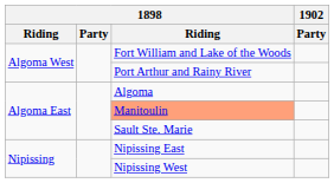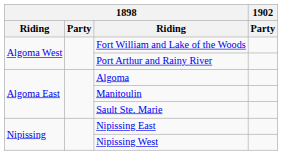 <table class="wikitable">
 <tr>
 <th colspan="3">1898</th>
 <th colspan="3">1902</th>
 </tr>
 <tr>
 <th>Riding</th>
 <th>Party</th>
 <th>Riding</th>
 <th>Party</th>
 </tr>
 <tr>
 <td rowspan="2"><a href='#'>Algoma West</a></td>
 <td rowspan="2"></td>
 <td><a href='#'>Fort William and Lake of the Woods</a></td>
 <td></td>
 </tr>
 <tr>
 <td><a href='#'>Port Arthur and Rainy River</a></td>
 <td></td>
 </tr>
 <tr>
 <td rowspan="3"><a href='#'>Algoma East</a></td>
 <td rowspan="3"></td>
 <td><a href='#'>Algoma</a></td>
 <td></td>
 </tr>
 <tr>
-<td style="background: lightsalmon;"><a href='#'>Manitoulin</a></td>
+<td><a href='#'>Manitoulin</a></td>
 <td></td>
 </tr>
 <tr>
 <td><a href='#'>Sault Ste. Marie</a></td>
 <td></td>
 </tr>
 <tr>
 <td rowspan="2"><a href='#'>Nipissing</a></td>
 <td rowspan="2"></td>
 <td><a href='#'>Nipissing East</a></td>
 <td></td>
 </tr>
 <tr>
 <td><a href='#'>Nipissing West</a></td>
 <td></td>
 </tr>
 </table>
